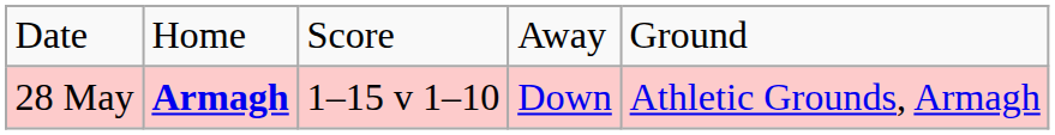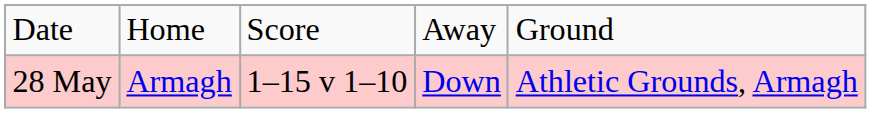 <table class="wikitable">
 <tr>
 <td>Date</td>
 <td>Home</td>
 <td>Score</td>
 <td>Away</td>
 <td>Ground</td>
 </tr>
 <tr bgcolor="fdcbcb">
 <td>28 May</td>
-<td><strong><a href='#'>Armagh</a></strong></td>
+<td><a href='#'>Armagh</a></td>
 <td>1–15 v 1–10</td>
 <td><a href='#'>Down</a></td>
 <td><a href='#'>Athletic Grounds</a>, <a href='#'>Armagh</a></td>
 </tr>
 </table>
